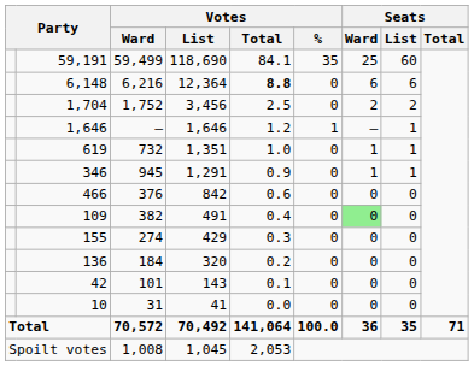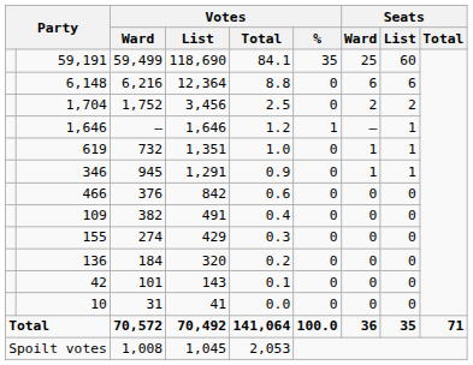 <table class=wikitable style="text-align:right">
 <tr>
 <th rowspan="2" colspan="2">Party</th>
 <th colspan="4" align="center">Votes</th>
 <th colspan="3" align="center">Seats</th>
 </tr>
 <tr>
 <th>Ward</th>
 <th>List</th>
 <th>Total</th>
 <th>%</th>
 <th>Ward</th>
 <th>List</th>
 <th>Total</th>
 </tr>
 <tr>
 <td></td>
 <td>59,191</td>
 <td>59,499</td>
 <td>118,690</td>
 <td>84.1</td>
 <td>35</td>
 <td>25</td>
 <td>60</td>
 </tr>
 <tr>
 <td></td>
 <td>6,148</td>
 <td>6,216</td>
 <td>12,364</td>
-<td><strong>8.8</strong></td>
+<td>8.8</td>
 <td>0</td>
 <td>6</td>
 <td>6</td>
 </tr>
 <tr>
 <td></td>
 <td>1,704</td>
 <td>1,752</td>
 <td>3,456</td>
 <td>2.5</td>
 <td>0</td>
 <td>2</td>
 <td>2</td>
 </tr>
 <tr>
 <td></td>
 <td>1,646</td>
 <td>–</td>
 <td>1,646</td>
 <td>1.2</td>
 <td>1</td>
 <td>–</td>
 <td>1</td>
 </tr>
 <tr>
 <td></td>
 <td>619</td>
 <td>732</td>
 <td>1,351</td>
 <td>1.0</td>
 <td>0</td>
 <td>1</td>
 <td>1</td>
 </tr>
 <tr>
 <td></td>
 <td>346</td>
 <td>945</td>
 <td>1,291</td>
 <td>0.9</td>
 <td>0</td>
 <td>1</td>
 <td>1</td>
 </tr>
 <tr>
 <td></td>
 <td>466</td>
 <td>376</td>
 <td>842</td>
 <td>0.6</td>
 <td>0</td>
 <td>0</td>
 <td>0</td>
 </tr>
 <tr>
 <td></td>
 <td>109</td>
 <td>382</td>
 <td>491</td>
 <td>0.4</td>
 <td>0</td>
-<td style="background: lightgreen;">0</td>
+<td>0</td>
 <td>0</td>
 </tr>
 <tr>
 <td></td>
 <td>155</td>
 <td>274</td>
 <td>429</td>
 <td>0.3</td>
 <td>0</td>
 <td>0</td>
 <td>0</td>
 </tr>
 <tr>
 <td></td>
 <td>136</td>
 <td>184</td>
 <td>320</td>
 <td>0.2</td>
 <td>0</td>
 <td>0</td>
 <td>0</td>
 </tr>
 <tr>
 <td></td>
 <td>42</td>
 <td>101</td>
 <td>143</td>
 <td>0.1</td>
 <td>0</td>
 <td>0</td>
 <td>0</td>
 </tr>
 <tr>
 <td></td>
 <td>10</td>
 <td>31</td>
 <td>41</td>
 <td>0.0</td>
 <td>0</td>
 <td>0</td>
 <td>0</td>
 </tr>
 <tr>
 <td colspan="2" style="text-align:left"><strong>Total</strong></td>
 <td><strong>70,572</strong></td>
 <td><strong>70,492</strong></td>
 <td><strong>141,064</strong></td>
 <td><strong>100.0</strong></td>
 <td><strong>36</strong></td>
 <td><strong>35</strong></td>
 <td><strong>71</strong></td>
 </tr>
 <tr>
 <td colspan="2" style="text-align:left">Spoilt votes</td>
 <td>1,008</td>
 <td>1,045</td>
 <td>2,053</td>
 </tr>
 </table>
